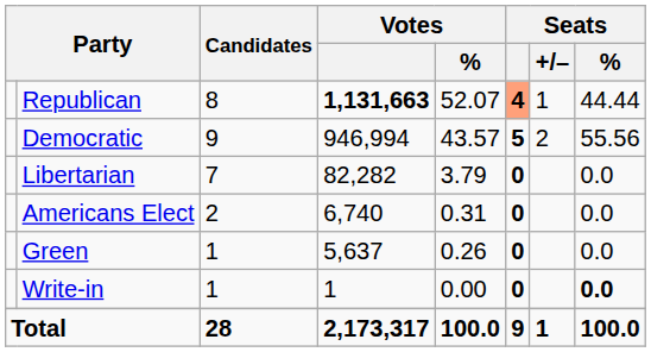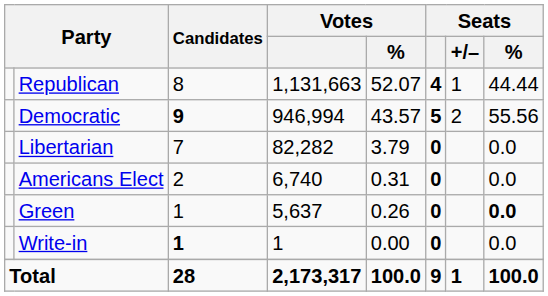 <table class="wikitable" style="font-size: 95%;">
 <tr>
 <th colspan="2" rowspan="2">Party</th>
 <th rowspan="2"><small>Candi</small><small>dates</small></th>
 <th colspan="2">Votes</th>
 <th colspan="3">Seats</th>
 </tr>
 <tr>
 <th></th>
 <th>%</th>
 <th></th>
 <th>+/–</th>
 <th>%</th>
 </tr>
 <tr>
 <td style="background:"></td>
 <td align="left"><a href='#'>Republican</a></td>
 <td>8</td>
-<td><strong>1,131,663</strong></td>
+<td>1,131,663</td>
 <td>52.07</td>
-<td style="background: lightsalmon;"><strong>4</strong></td>
+<td><strong>4</strong></td>
 <td> 1</td>
 <td>44.44</td>
 </tr>
 <tr>
 <td style="background:"></td>
 <td align="left"><a href='#'>Democratic</a></td>
-<td>9</td>
+<td><strong>9</strong></td>
 <td>946,994</td>
 <td>43.57</td>
 <td><strong>5</strong></td>
 <td> 2</td>
 <td>55.56</td>
 </tr>
 <tr>
 <td style="background:"></td>
 <td align="left"><a href='#'>Libertarian</a></td>
 <td>7</td>
 <td>82,282</td>
 <td>3.79</td>
 <td><strong>0</strong></td>
 <td></td>
 <td>0.0</td>
 </tr>
 <tr>
 <td style="background:"></td>
 <td align="left"><a href='#'>Americans Elect</a></td>
 <td>2</td>
 <td>6,740</td>
 <td>0.31</td>
 <td><strong>0</strong></td>
 <td></td>
 <td>0.0</td>
 </tr>
 <tr>
 <td style="background:"></td>
 <td align="left"><a href='#'>Green</a></td>
 <td>1</td>
 <td>5,637</td>
 <td>0.26</td>
 <td><strong>0</strong></td>
 <td></td>
-<td>0.0</td>
+<td><strong>0.0</strong></td>
 </tr>
 <tr>
 <td style="background:"></td>
 <td align="left"><a href='#'>Write-in</a></td>
-<td>1</td>
+<td><strong>1</strong></td>
 <td>1</td>
 <td>0.00</td>
 <td><strong>0</strong></td>
 <td></td>
-<td><strong>0.0</strong></td>
+<td>0.0</td>
 </tr>
 <tr>
 </tr>
 <tr style="font-weight:bold">
 <td colspan="2" align="left">Total</td>
 <td>28</td>
 <td>2,173,317</td>
 <td>100.0</td>
 <td>9</td>
 <td> 1</td>
 <td>100.0</td>
 </tr>
 </table>
